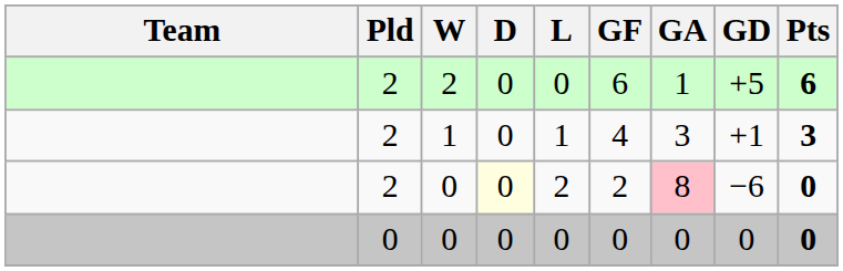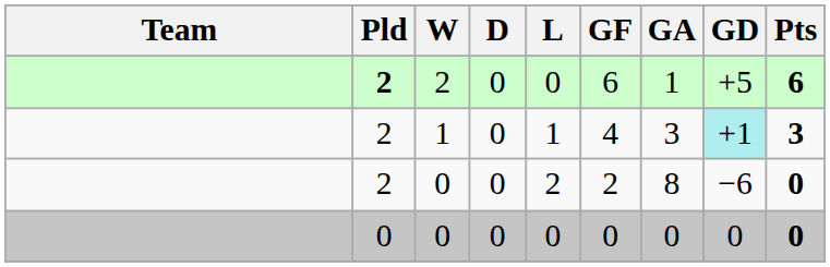 <table class="wikitable" style="text-align:center;">
 <tr>
 <th width=165>Team</th>
 <th width=20>Pld</th>
 <th width=20>W</th>
 <th width=20>D</th>
 <th width=20>L</th>
 <th width=20>GF</th>
 <th width=20>GA</th>
 <th width=20>GD</th>
 <th width=20>Pts</th>
 </tr>
 <tr style="background:#ccffcc;">
 <td style="text-align:left;"><strong></strong></td>
-<td>2</td>
+<td><strong>2</strong></td>
 <td>2</td>
 <td>0</td>
 <td>0</td>
 <td>6</td>
 <td>1</td>
 <td>+5</td>
 <td><strong>6</strong></td>
 </tr>
 <tr>
 <td style="text-align:left;"></td>
 <td>2</td>
 <td>1</td>
 <td>0</td>
 <td>1</td>
 <td>4</td>
 <td>3</td>
-<td>+1</td>
+<td style="background: paleturquoise;">+1</td>
 <td><strong>3</strong></td>
 </tr>
 <tr>
 <td style="text-align:left;"></td>
 <td>2</td>
 <td>0</td>
-<td style="background: lightyellow;">0</td>
+<td>0</td>
 <td>2</td>
 <td>2</td>
-<td style="background: pink;">8</td>
+<td>8</td>
 <td>−6</td>
 <td><strong>0</strong></td>
 </tr>
 <tr style="background:#c5c5c5;">
 <td style="text-align:left;"></td>
 <td>0</td>
 <td>0</td>
 <td>0</td>
 <td>0</td>
 <td>0</td>
 <td>0</td>
 <td>0</td>
 <td><strong>0</strong></td>
 </tr>
 <tr>
 </tr>
 </table>
